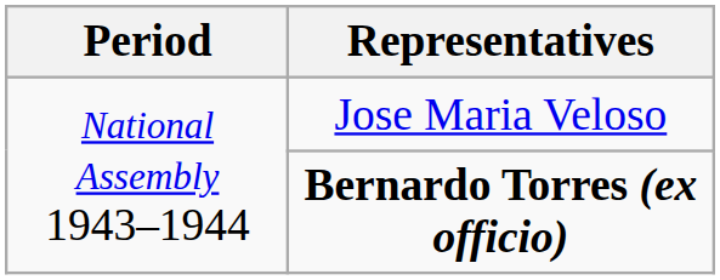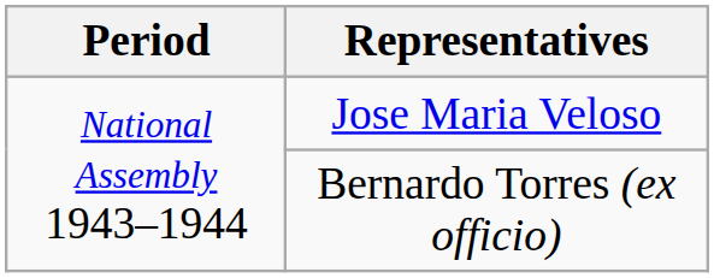 <table class="wikitable" style="text-align:center; width:40%;">
 <tr>
 <th width="40%">Period</th>
 <th>Representatives</th>
 </tr>
 <tr>
 <td rowspan="2"><small><a href='#'><em>National Assembly</em></a></small><br>1943–1944</td>
 <td><a href='#'>Jose Maria Veloso</a></td>
 </tr>
 <tr>
-<td><strong>Bernardo Torres <em>(ex officio)</em></strong></td>
+<td>Bernardo Torres <em>(ex officio)</em></td>
 </tr>
 </table>
